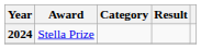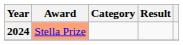 <table class="wikitable sortable">
 <tr>
 <th>Year</th>
 <th>Award</th>
 <th>Category</th>
 <th>Result</th>
 <th></th>
 </tr>
 <tr>
 <th rowspan="1">2024</th>
-<td><a href='#'>Stella Prize</a></td>
+<td style="background: lightsalmon;"><a href='#'>Stella Prize</a></td>
 <td></td>
 <td></td>
 <td></td>
 </tr>
 <tr>
 </tr>
 </table>
